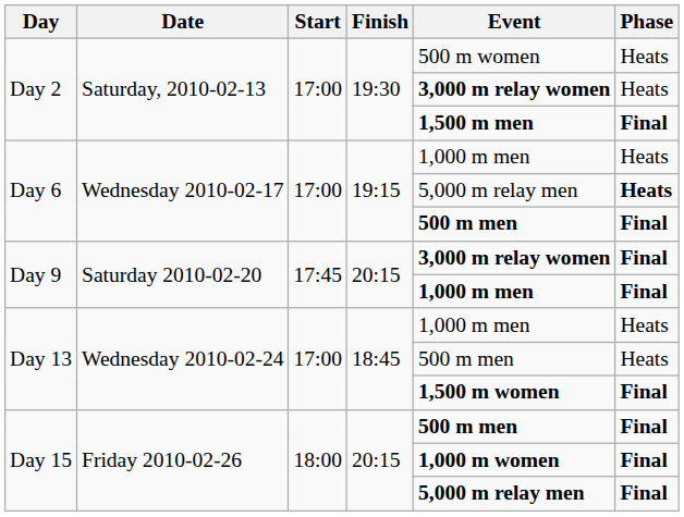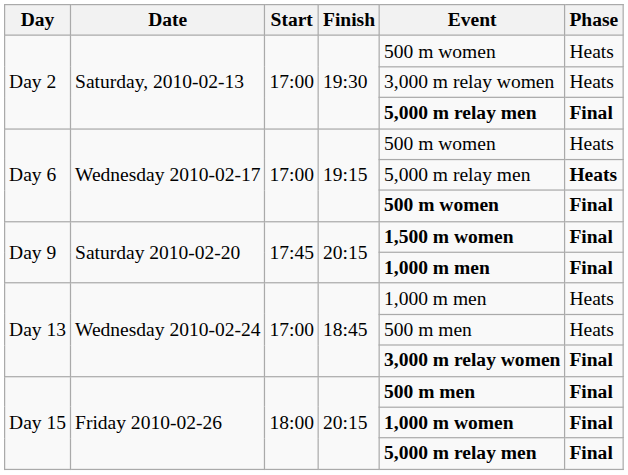 <table class=wikitable>
 <tr>
 <th>Day</th>
 <th>Date</th>
 <th>Start</th>
 <th>Finish</th>
 <th>Event</th>
 <th>Phase</th>
 </tr>
 <tr>
 <td rowspan=3>Day 2</td>
 <td rowspan=3>Saturday, 2010-02-13</td>
 <td rowspan=3>17:00</td>
 <td rowspan=3>19:30</td>
 <td>500 m women</td>
 <td>Heats</td>
 </tr>
 <tr>
-<td><strong>3,000 m relay women</strong></td>
+<td>3,000 m relay women</td>
 <td>Heats</td>
 </tr>
 <tr>
-<td><strong>1,500 m men</strong></td>
+<td><strong>5,000 m relay men</strong></td>
 <td><strong>Final</strong></td>
 </tr>
 <tr>
 <td rowspan=3>Day 6</td>
 <td rowspan=3>Wednesday 2010-02-17</td>
 <td rowspan=3>17:00</td>
 <td rowspan=3>19:15</td>
-<td>1,000 m men</td>
+<td>500 m women</td>
 <td>Heats</td>
 </tr>
 <tr>
 <td>5,000 m relay men</td>
 <td><strong>Heats</strong></td>
 </tr>
 <tr>
-<td><strong>500 m men</strong></td>
+<td><strong>500 m women</strong></td>
 <td><strong>Final</strong></td>
 </tr>
 <tr>
 <td rowspan=2>Day 9</td>
 <td rowspan=2>Saturday 2010-02-20</td>
 <td rowspan=2>17:45</td>
 <td rowspan=2>20:15</td>
-<td><strong>3,000 m relay women</strong></td>
+<td><strong>1,500 m women</strong></td>
 <td><strong>Final</strong></td>
 </tr>
 <tr>
 <td><strong>1,000 m men</strong></td>
 <td><strong>Final</strong></td>
 </tr>
 <tr>
 <td rowspan=3>Day 13</td>
 <td rowspan=3>Wednesday 2010-02-24</td>
 <td rowspan=3>17:00</td>
 <td rowspan=3>18:45</td>
 <td>1,000 m men</td>
 <td>Heats</td>
 </tr>
 <tr>
 <td>500 m men</td>
 <td>Heats</td>
 </tr>
 <tr>
-<td><strong>1,500 m women</strong></td>
+<td><strong>3,000 m relay women</strong></td>
 <td><strong>Final</strong></td>
 </tr>
 <tr>
 <td rowspan=3>Day 15</td>
 <td rowspan=3>Friday 2010-02-26</td>
 <td rowspan=3>18:00</td>
 <td rowspan=3>20:15</td>
 <td><strong>500 m men</strong></td>
 <td><strong>Final</strong></td>
 </tr>
 <tr>
 <td><strong>1,000 m women</strong></td>
 <td><strong>Final</strong></td>
 </tr>
 <tr>
 <td><strong>5,000 m relay men</strong></td>
 <td><strong>Final</strong></td>
 </tr>
 </table>
